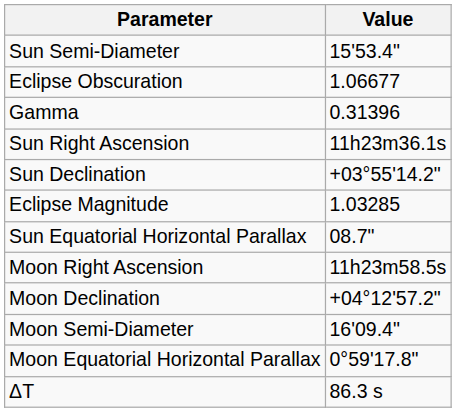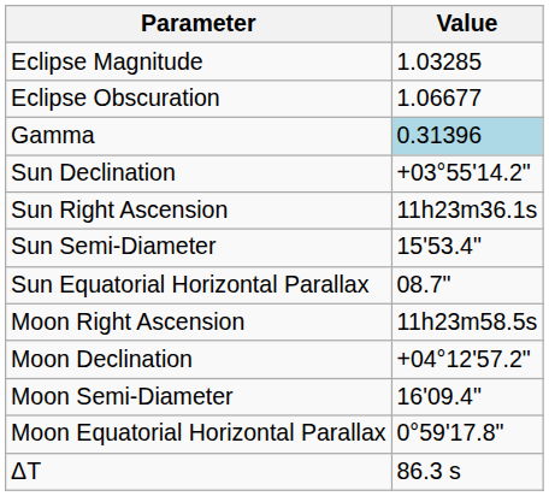 <table class="wikitable">
 <tr>
 <th>Parameter</th>
 <th>Value</th>
 </tr>
 <tr>
-<td>Sun Semi-Diameter</td>
-<td>15'53.4"</td>
+<td>Eclipse Magnitude</td>
+<td>1.03285</td>
 </tr>
 <tr>
 <td>Eclipse Obscuration</td>
 <td>1.06677</td>
 </tr>
 <tr>
 <td>Gamma</td>
-<td>0.31396</td>
+<td style="background: lightblue;">0.31396</td>
+</tr>
+<tr>
+<td>Sun Declination</td>
+<td>+03°55'14.2"</td>
 </tr>
 <tr>
 <td>Sun Right Ascension</td>
 <td>11h23m36.1s</td>
 </tr>
 <tr>
-<td>Sun Declination</td>
-<td>+03°55'14.2"</td>
-</tr>
-<tr>
-<td>Eclipse Magnitude</td>
-<td>1.03285</td>
+<td>Sun Semi-Diameter</td>
+<td>15'53.4"</td>
 </tr>
 <tr>
 <td>Sun Equatorial Horizontal Parallax</td>
 <td>08.7"</td>
 </tr>
 <tr>
 <td>Moon Right Ascension</td>
 <td>11h23m58.5s</td>
 </tr>
 <tr>
 <td>Moon Declination</td>
 <td>+04°12'57.2"</td>
 </tr>
 <tr>
 <td>Moon Semi-Diameter</td>
 <td>16'09.4"</td>
 </tr>
 <tr>
 <td>Moon Equatorial Horizontal Parallax</td>
 <td>0°59'17.8"</td>
 </tr>
 <tr>
 <td>ΔT</td>
 <td>86.3 s</td>
 </tr>
 </table>
